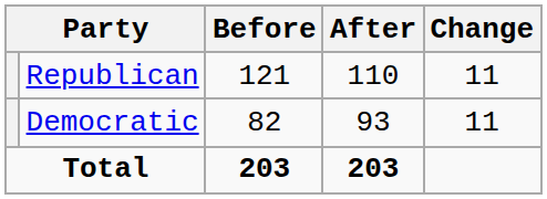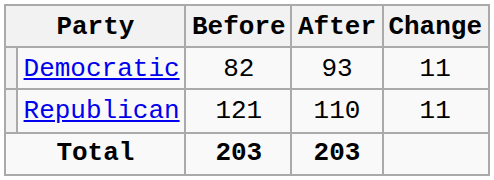 <table class="wikitable" style="text-align:center;">
 <tr>
 </tr>
 <tr>
 <th colspan=2>Party</th>
 <th>Before</th>
 <th>After</th>
 <th>Change</th>
 </tr>
 <tr>
 <th style="background-color:"></th>
-<td style="text-align:left;"><a href='#'>Republican</a></td>
-<td>121</td>
-<td>110</td>
+<td style="text-align:left;"><a href='#'>Democratic</a></td>
+<td>82</td>
+<td>93</td>
 <td> 11</td>
 </tr>
 <tr>
 <th style="background-color:"></th>
-<td style="text-align:left;"><a href='#'>Democratic</a></td>
-<td>82</td>
-<td>93</td>
+<td style="text-align:left;"><a href='#'>Republican</a></td>
+<td>121</td>
+<td>110</td>
 <td> 11</td>
 </tr>
 <tr>
 <td colspan=2><strong>Total</strong></td>
 <td><strong>203</strong></td>
 <td><strong>203</strong></td>
 <td></td>
 </tr>
 </table>
